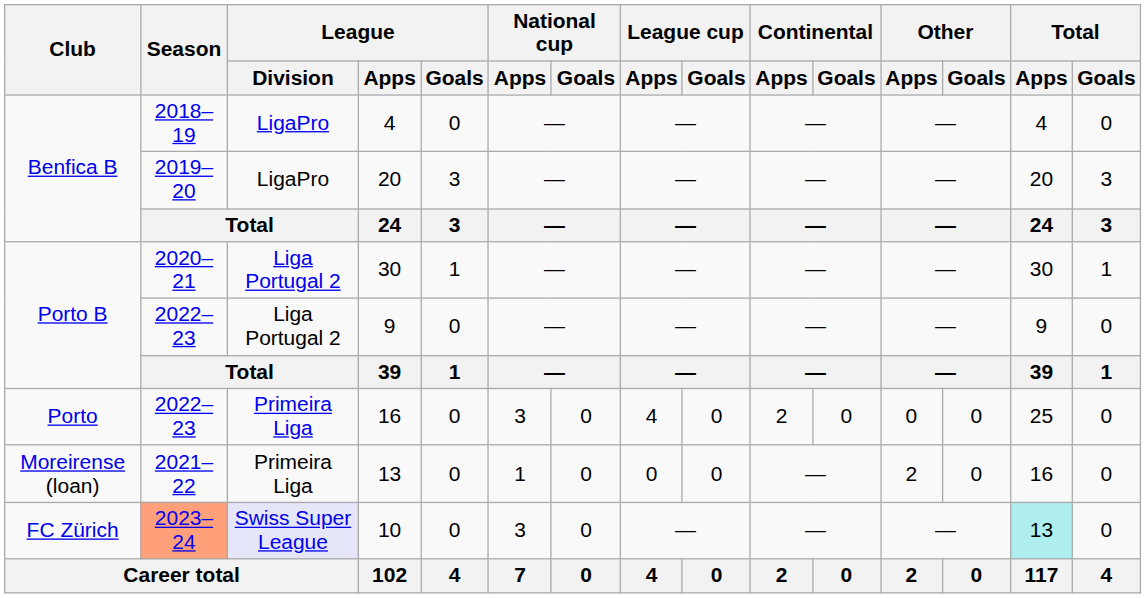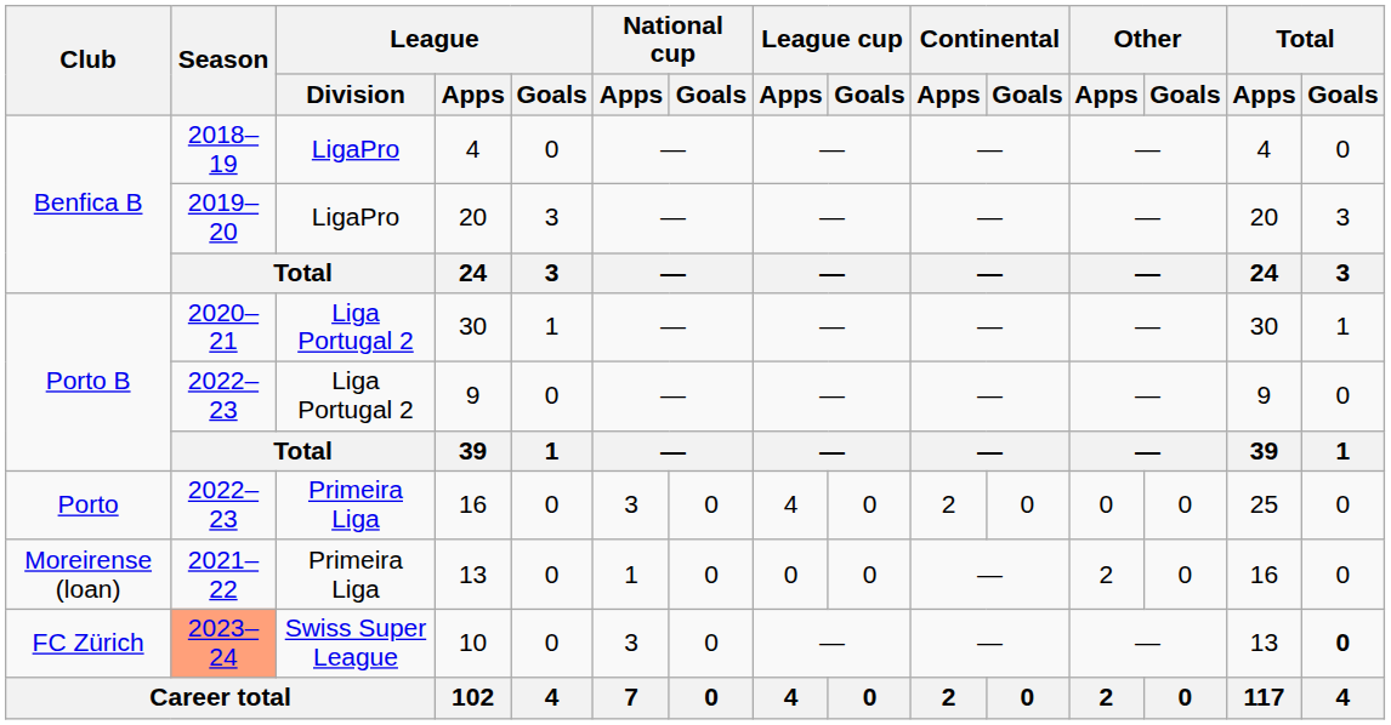 <table class="wikitable" style="text-align: center">
 <tr>
 <th rowspan="2">Club</th>
 <th rowspan="2">Season</th>
 <th colspan="3">League</th>
 <th colspan="2">National cup</th>
 <th colspan="2">League cup</th>
 <th colspan="2">Continental</th>
 <th colspan="2">Other</th>
 <th colspan="2">Total</th>
 </tr>
 <tr>
 <th>Division</th>
 <th>Apps</th>
 <th>Goals</th>
 <th>Apps</th>
 <th>Goals</th>
 <th>Apps</th>
 <th>Goals</th>
 <th>Apps</th>
 <th>Goals</th>
 <th>Apps</th>
 <th>Goals</th>
 <th>Apps</th>
 <th>Goals</th>
 </tr>
 <tr>
 <td rowspan="3"><a href='#'>Benfica B</a></td>
 <td><a href='#'>2018–19</a></td>
 <td><a href='#'>LigaPro</a></td>
 <td>4</td>
 <td>0</td>
 <td colspan="2">—</td>
 <td colspan="2">—</td>
 <td colspan="2">—</td>
 <td colspan="2">—</td>
 <td>4</td>
 <td>0</td>
 </tr>
 <tr>
 <td><a href='#'>2019–20</a></td>
 <td>LigaPro</td>
 <td>20</td>
 <td>3</td>
 <td colspan="2">—</td>
 <td colspan="2">—</td>
 <td colspan="2">—</td>
 <td colspan="2">—</td>
 <td>20</td>
 <td>3</td>
 </tr>
 <tr>
 <th colspan="2">Total</th>
 <th>24</th>
 <th>3</th>
 <th colspan="2">—</th>
 <th colspan="2">—</th>
 <th colspan="2">—</th>
 <th colspan="2">—</th>
 <th>24</th>
 <th>3</th>
 </tr>
 <tr>
 <td rowspan="3"><a href='#'>Porto B</a></td>
 <td><a href='#'>2020–21</a></td>
 <td><a href='#'>Liga Portugal 2</a></td>
 <td>30</td>
 <td>1</td>
 <td colspan="2">—</td>
 <td colspan="2">—</td>
 <td colspan="2">—</td>
 <td colspan="2">—</td>
 <td>30</td>
 <td>1</td>
 </tr>
 <tr>
 <td><a href='#'>2022–23</a></td>
 <td>Liga Portugal 2</td>
 <td>9</td>
 <td>0</td>
 <td colspan="2">—</td>
 <td colspan="2">—</td>
 <td colspan="2">—</td>
 <td colspan="2">—</td>
 <td>9</td>
 <td>0</td>
 </tr>
 <tr>
 <th colspan="2">Total</th>
 <th>39</th>
 <th>1</th>
 <th colspan="2">—</th>
 <th colspan="2">—</th>
 <th colspan="2">—</th>
 <th colspan="2">—</th>
 <th>39</th>
 <th>1</th>
 </tr>
 <tr>
 <td><a href='#'>Porto</a></td>
 <td><a href='#'>2022–23</a></td>
 <td><a href='#'>Primeira Liga</a></td>
 <td>16</td>
 <td>0</td>
 <td>3</td>
 <td>0</td>
 <td>4</td>
 <td>0</td>
 <td>2</td>
 <td>0</td>
 <td>0</td>
 <td>0</td>
 <td>25</td>
 <td>0</td>
 </tr>
 <tr>
 <td><a href='#'>Moreirense</a> (loan)</td>
 <td><a href='#'>2021–22</a></td>
 <td>Primeira Liga</td>
 <td>13</td>
 <td>0</td>
 <td>1</td>
 <td>0</td>
 <td>0</td>
 <td>0</td>
 <td colspan="2">—</td>
 <td>2</td>
 <td>0</td>
 <td>16</td>
 <td>0</td>
 </tr>
 <tr>
 <td><a href='#'>FC Zürich</a></td>
 <td style="background: lightsalmon;"><a href='#'>2023–24</a></td>
-<td style="background: lavender;"><a href='#'>Swiss Super League</a></td>
+<td><a href='#'>Swiss Super League</a></td>
 <td>10</td>
 <td>0</td>
 <td>3</td>
 <td>0</td>
 <td colspan="2">—</td>
 <td colspan="2">—</td>
 <td colspan="2">—</td>
-<td style="background: paleturquoise;">13</td>
-<td>0</td>
+<td>13</td>
+<td><strong>0</strong></td>
 </tr>
 <tr>
 <th colspan="3">Career total</th>
 <th>102</th>
 <th>4</th>
 <th>7</th>
 <th>0</th>
 <th>4</th>
 <th>0</th>
 <th>2</th>
 <th>0</th>
 <th>2</th>
 <th>0</th>
 <th>117</th>
 <th>4</th>
 </tr>
 </table>
